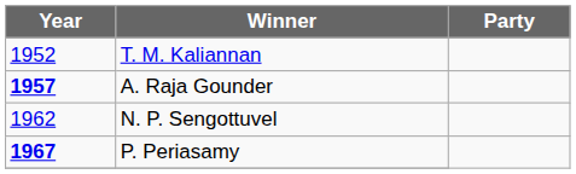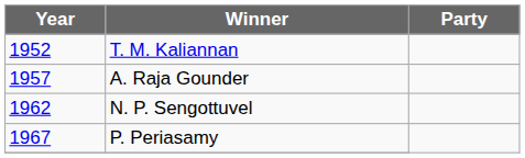 <table class="wikitable" width="50%">
 <tr>
 <th style="background-color:#666666; color:white">Year</th>
 <th style="background-color:#666666; color:white">Winner</th>
 <th style="background-color:#666666; color:white" colspan="2">Party</th>
 </tr>
 <tr>
 <td><a href='#'>1952</a></td>
 <td><a href='#'>T. M. Kaliannan</a></td>
 <td></td>
 </tr>
 <tr>
-<td><strong><a href='#'>1957</a></strong></td>
+<td><a href='#'>1957</a></td>
 <td>A. Raja Gounder</td>
 </tr>
 <tr>
 <td><a href='#'>1962</a></td>
 <td>N. P. Sengottuvel</td>
 <td></td>
 </tr>
 <tr>
-<td><strong><a href='#'>1967</a></strong></td>
+<td><a href='#'>1967</a></td>
 <td>P. Periasamy</td>
 </tr>
 <tr>
 </tr>
 </table>
